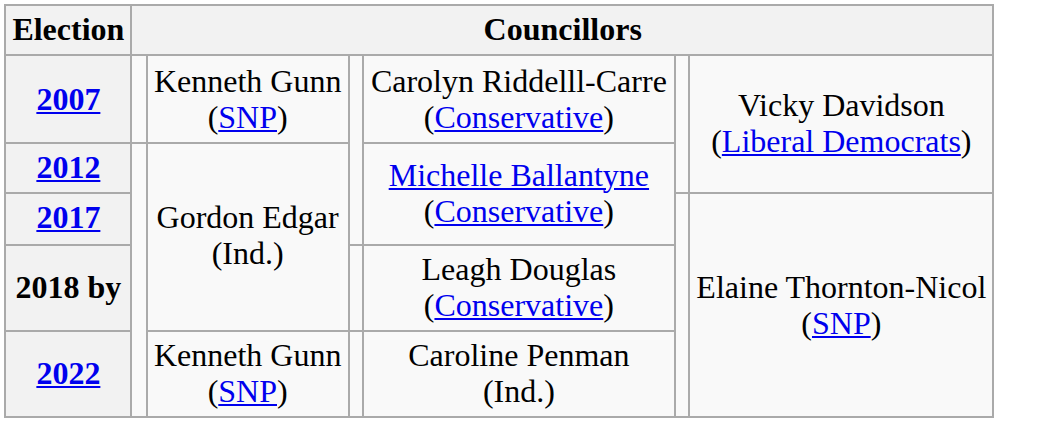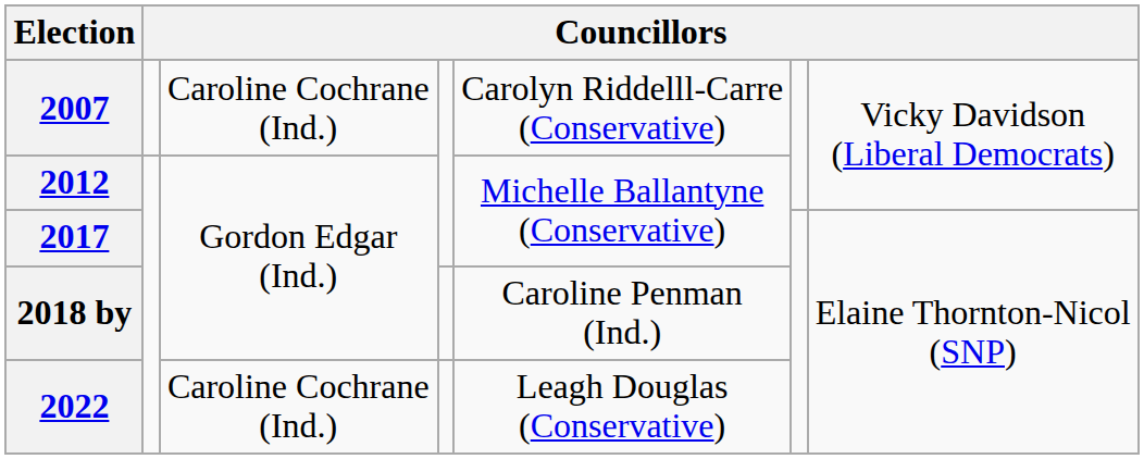 <table class="wikitable" style="text-align:center">
 <tr>
 <th>Election</th>
 <th colspan=8>Councillors</th>
 </tr>
 <tr>
 <th><a href='#'>2007</a></th>
 <td rowspan=1; style="background-color: "></td>
-<td rowspan=1>Kenneth Gunn<br>(<a href='#'>SNP</a>)</td>
+<td rowspan=1>Caroline Cochrane<br>(Ind.)</td>
 <td rowspan=3; style="background-color: "></td>
 <td rowspan=1>Carolyn Riddelll-Carre<br>(<a href='#'>Conservative</a>)</td>
 <td rowspan=2; style="background-color: "></td>
 <td rowspan=2>Vicky Davidson<br>(<a href='#'>Liberal Democrats</a>)</td>
 </tr>
 <tr>
 <th><a href='#'>2012</a></th>
 <td rowspan=4; style="background-color: "></td>
 <td rowspan=3>Gordon Edgar<br>(Ind.)</td>
 <td rowspan=2><a href='#'>Michelle Ballantyne</a><br>(<a href='#'>Conservative</a>)</td>
 </tr>
 <tr>
 <th><a href='#'>2017</a></th>
 <td rowspan=3; style="background-color: "></td>
 <td rowspan=3>Elaine Thornton-Nicol<br>(<a href='#'>SNP</a>)</td>
 </tr>
 <tr>
 <th>2018 by</th>
 <td rowspan=1; style="background-color: "></td>
-<td rowspan=1>Leagh Douglas<br>(<a href='#'>Conservative</a>)</td>
+<td rowspan=1>Caroline Penman<br>(Ind.)</td>
 </tr>
 <tr>
 <th><a href='#'>2022</a></th>
-<td rowspan=1>Kenneth Gunn<br>(<a href='#'>SNP</a>)</td>
+<td rowspan=1>Caroline Cochrane<br>(Ind.)</td>
 <td rowspan=1; style="background-color: "></td>
-<td rowspan=1>Caroline Penman<br>(Ind.)</td>
+<td rowspan=1>Leagh Douglas<br>(<a href='#'>Conservative</a>)</td>
 </tr>
 </table>
